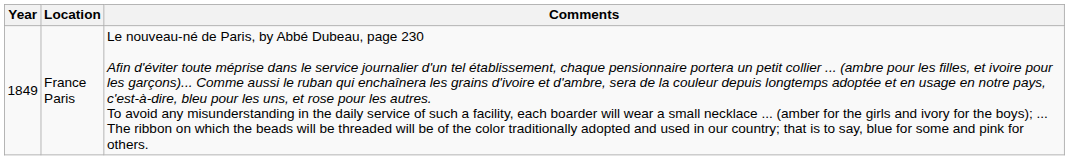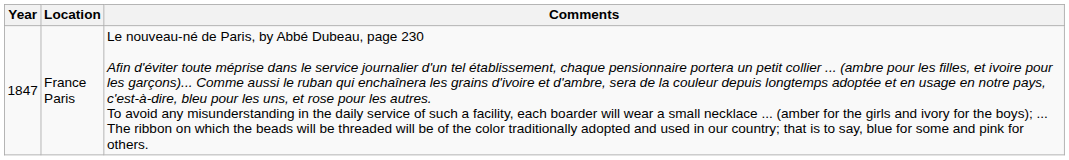 <table class="wikitable sortable">
 <tr>
 <th>Year</th>
 <th>Location</th>
 <th>Comments</th>
 </tr>
 <tr>
-<td>1849</td>
+<td>1847</td>
 <td>France<br>Paris</td>
 <td>Le nouveau-né de Paris, by Abbé Dubeau, page 230 <br><br><em>Afin d'éviter toute méprise dans le service journalier d'un tel établissement, chaque pensionnaire portera un petit collier ... (ambre pour les filles, et ivoire pour les garçons)... Comme aussi le ruban qui enchaînera les grains d'ivoire et d'ambre, sera de la couleur depuis longtemps adoptée et en usage en notre pays, c'est-à-dire, bleu pour les uns, et rose pour les autres.</em><br>To avoid any misunderstanding in the daily service of such a facility, each boarder will wear a small necklace ... (amber for the girls and ivory for the boys); ... The ribbon on which the beads will be threaded will be of the color traditionally adopted and used in our country; that is to say, blue for some and pink for others. </td>
 </tr>
 </table>
